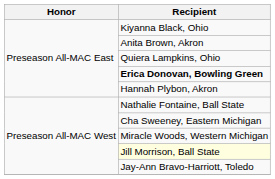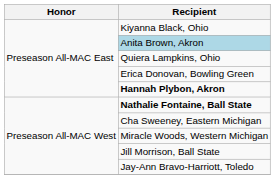 <table class="wikitable" border="1">
 <tr>
 <th>Honor</th>
 <th>Recipient</th>
 </tr>
 <tr>
 <td rowspan=5 valign=middle>Preseason All-MAC East</td>
 <td>Kiyanna Black, Ohio</td>
 </tr>
 <tr>
-<td>Anita Brown, Akron</td>
+<td style="background: lightblue;">Anita Brown, Akron</td>
 </tr>
 <tr>
 <td>Quiera Lampkins, Ohio</td>
 </tr>
 <tr>
-<td><strong>Erica Donovan, Bowling Green</strong></td>
+<td>Erica Donovan, Bowling Green</td>
 </tr>
 <tr>
-<td>Hannah Plybon, Akron</td>
+<td><strong>Hannah Plybon, Akron</strong></td>
 </tr>
 <tr>
 <td rowspan=5 valign=middle>Preseason All-MAC West</td>
-<td>Nathalie Fontaine, Ball State</td>
+<td><strong>Nathalie Fontaine, Ball State</strong></td>
 </tr>
 <tr>
 <td>Cha Sweeney, Eastern Michigan</td>
 </tr>
 <tr>
 <td>Miracle Woods, Western Michigan</td>
 </tr>
 <tr>
-<td style="background: lightyellow;">Jill Morrison, Ball State</td>
+<td>Jill Morrison, Ball State</td>
 </tr>
 <tr>
 <td>Jay-Ann Bravo-Harriott, Toledo</td>
 </tr>
 <tr>
 </tr>
 </table>
